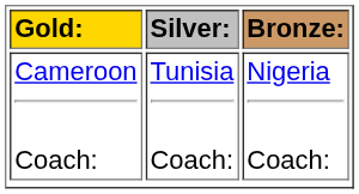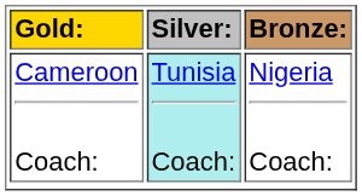 <table border="1" Cellpadding="2">
 <tr>
 <td !align="center" bgcolor="gold"><strong>Gold:</strong></td>
 <td !align="center" bgcolor="silver"><strong>Silver:</strong></td>
 <td !align="center" bgcolor="#CC9966"><strong>Bronze:</strong></td>
 </tr>
 <tr valign=top>
 <td> <a href='#'>Cameroon</a><hr><br>Coach:</td>
-<td> <a href='#'>Tunisia</a><hr><br>Coach:</td>
+<td style="background: paleturquoise;"> <a href='#'>Tunisia</a><hr><br>Coach:</td>
 <td> <a href='#'>Nigeria</a><hr><br>Coach:</td>
 </tr>
 <tr>
 </tr>
 </table>
